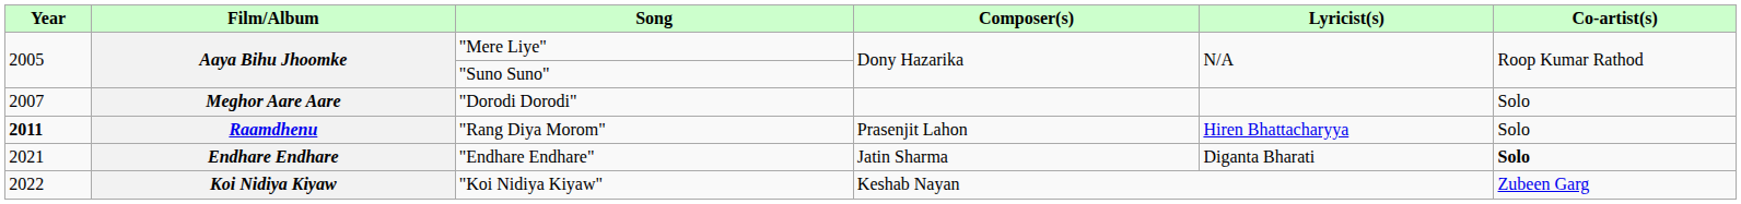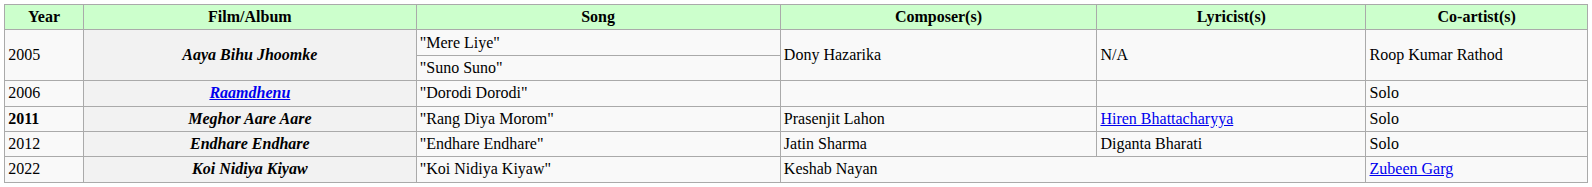 <table class="wikitable plainrowheaders" style="width:100%; textcolor:#000">
 <tr style="background:#cfc; text-align:center;">
 <td scope="col" style="width:5%;"><strong>Year</strong></td>
 <td scope="col" style="width:21%;"><strong>Film/Album</strong></td>
 <td scope="col" style="width:23%;"><strong>Song</strong></td>
 <td scope="col" style="width:20%;"><strong>Composer(s)</strong></td>
 <td scope="col" style="width:17%;"><strong>Lyricist(s)</strong></td>
 <td scope="col" style="width:18%;"><strong>Co-artist(s)</strong></td>
 </tr>
 <tr>
 <td rowspan=2>2005</td>
 <th rowspan="2"><em>Aaya Bihu Jhoomke</em></th>
 <td>"Mere Liye"</td>
 <td rowspan=2>Dony Hazarika</td>
 <td Rowspan=2>N/A</td>
 <td rowspan=2>Roop Kumar Rathod</td>
 </tr>
 <tr>
 <td>"Suno Suno"</td>
 </tr>
 <tr>
-<td>2007</td>
-<th><em>Meghor Aare Aare</em></th>
+<td>2006</td>
+<th><em><a href='#'>Raamdhenu</a></em></th>
 <td>"Dorodi Dorodi"</td>
 <td></td>
 <td></td>
 <td>Solo</td>
 </tr>
 <tr>
 <td><strong>2011</strong></td>
-<th><em><a href='#'>Raamdhenu</a></em></th>
+<th><em>Meghor Aare Aare</em></th>
 <td>"Rang Diya Morom"</td>
 <td>Prasenjit Lahon</td>
 <td><a href='#'>Hiren Bhattacharyya</a></td>
 <td>Solo</td>
 </tr>
 <tr>
-<td>2021</td>
+<td>2012</td>
 <th><em>Endhare Endhare</em></th>
 <td>"Endhare Endhare"</td>
 <td>Jatin Sharma</td>
 <td>Diganta Bharati</td>
-<td><strong>Solo</strong></td>
+<td>Solo</td>
 </tr>
 <tr>
 <td>2022</td>
 <th><em>Koi Nidiya Kiyaw</em></th>
 <td>"Koi Nidiya Kiyaw"</td>
 <td colspan="2">Keshab Nayan</td>
 <td><a href='#'>Zubeen Garg</a></td>
 </tr>
 <tr>
 </tr>
 </table>
